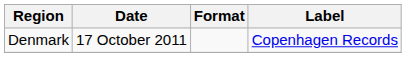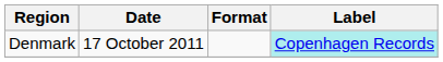 <table class=wikitable>
 <tr>
 <th>Region</th>
 <th>Date</th>
 <th>Format</th>
 <th>Label</th>
 </tr>
 <tr>
 <td>Denmark</td>
 <td>17 October 2011</td>
 <td></td>
-<td><a href='#'>Copenhagen Records</a></td>
+<td style="background: paleturquoise;"><a href='#'>Copenhagen Records</a></td>
 </tr>
 <tr>
 </tr>
 </table>
